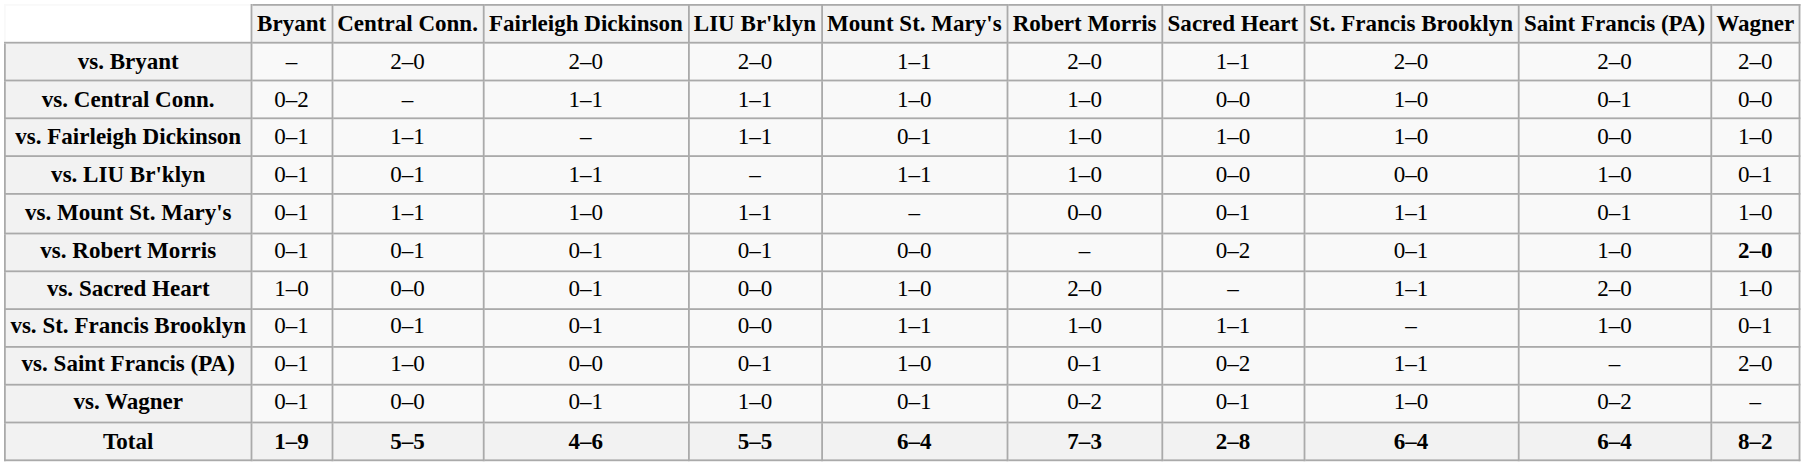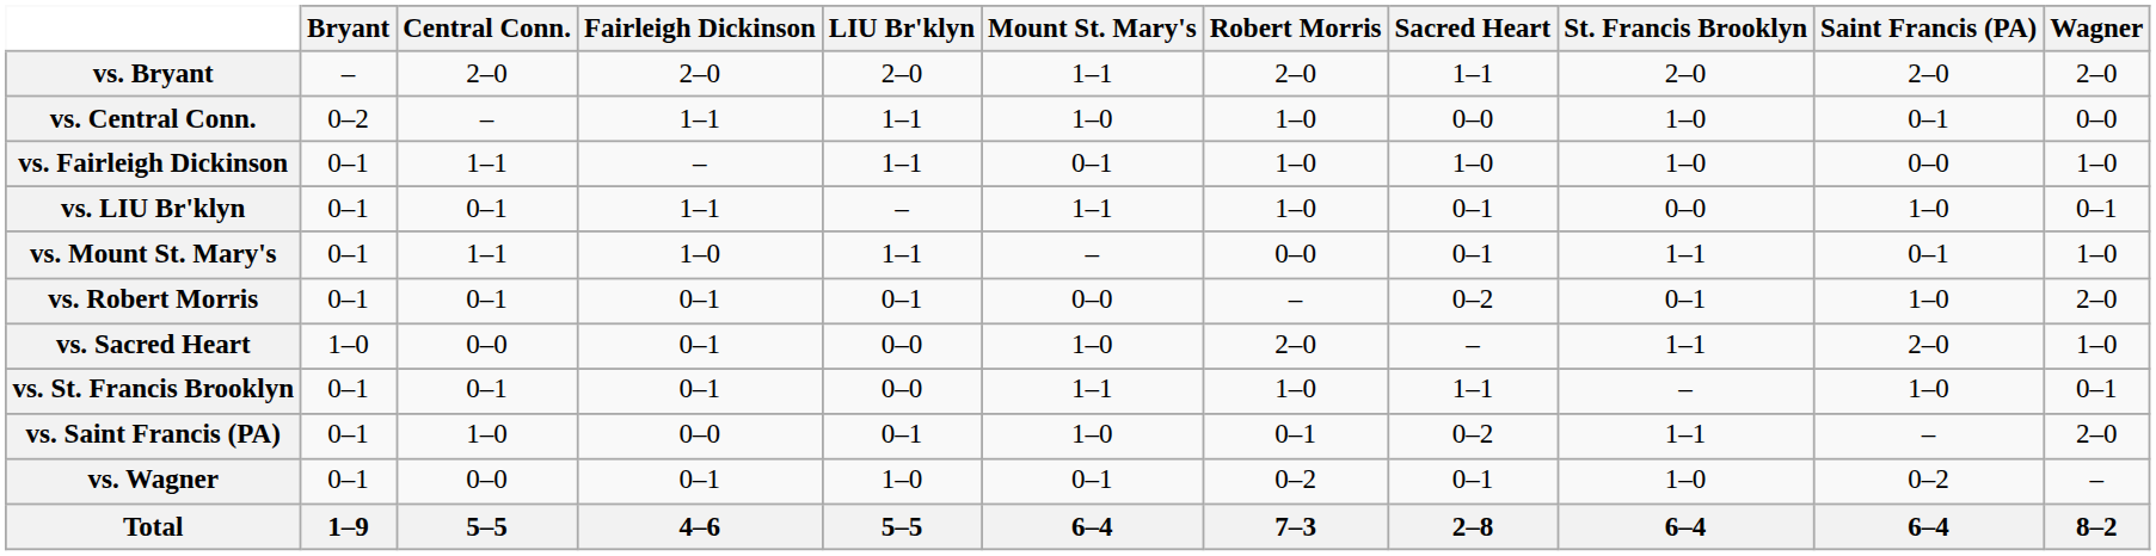 <table class="wikitable" style="white-space:nowrap;font-size:80%;">
 <tr>
 <th colspan=1 style="background:white; border-top-style:hidden; border-left-style:hidden;"   width=75> </th>
 <th>Bryant</th>
 <th>Central Conn.</th>
 <th>Fairleigh Dickinson</th>
 <th>LIU Br'klyn</th>
 <th>Mount St. Mary's</th>
 <th>Robert Morris</th>
 <th>Sacred Heart</th>
 <th>St. Francis Brooklyn</th>
 <th>Saint Francis (PA)</th>
 <th>Wagner</th>
 </tr>
 <tr style="text-align:center;">
 <th>vs. Bryant</th>
 <td>–</td>
 <td>2–0</td>
 <td>2–0</td>
 <td>2–0</td>
 <td>1–1</td>
 <td>2–0</td>
 <td>1–1</td>
 <td>2–0</td>
 <td>2–0</td>
 <td>2–0</td>
 </tr>
 <tr style="text-align:center;">
 <th>vs. Central Conn.</th>
 <td>0–2</td>
 <td>–</td>
 <td>1–1</td>
 <td>1–1</td>
 <td>1–0</td>
 <td>1–0</td>
 <td>0–0</td>
 <td>1–0</td>
 <td>0–1</td>
 <td>0–0</td>
 </tr>
 <tr style="text-align:center;">
 <th>vs. Fairleigh Dickinson</th>
 <td>0–1</td>
 <td>1–1</td>
 <td>–</td>
 <td>1–1</td>
 <td>0–1</td>
 <td>1–0</td>
 <td>1–0</td>
 <td>1–0</td>
 <td>0–0</td>
 <td>1–0</td>
 </tr>
 <tr style="text-align:center;">
 <th>vs. LIU Br'klyn</th>
 <td>0–1</td>
 <td>0–1</td>
 <td>1–1</td>
 <td>–</td>
 <td>1–1</td>
 <td>1–0</td>
-<td>0–0</td>
+<td>0–1</td>
 <td>0–0</td>
 <td>1–0</td>
 <td>0–1</td>
 </tr>
 <tr style="text-align:center;">
 <th>vs. Mount St. Mary's</th>
 <td>0–1</td>
 <td>1–1</td>
 <td>1–0</td>
 <td>1–1</td>
 <td>–</td>
 <td>0–0</td>
 <td>0–1</td>
 <td>1–1</td>
 <td>0–1</td>
 <td>1–0</td>
 </tr>
 <tr style="text-align:center;">
 <th>vs. Robert Morris</th>
 <td>0–1</td>
 <td>0–1</td>
 <td>0–1</td>
 <td>0–1</td>
 <td>0–0</td>
 <td>–</td>
 <td>0–2</td>
 <td>0–1</td>
 <td>1–0</td>
-<td><strong>2–0</strong></td>
+<td>2–0</td>
 </tr>
 <tr style="text-align:center;">
 <th>vs. Sacred Heart</th>
 <td>1–0</td>
 <td>0–0</td>
 <td>0–1</td>
 <td>0–0</td>
 <td>1–0</td>
 <td>2–0</td>
 <td>–</td>
 <td>1–1</td>
 <td>2–0</td>
 <td>1–0</td>
 </tr>
 <tr style="text-align:center;">
 <th>vs. St. Francis Brooklyn</th>
 <td>0–1</td>
 <td>0–1</td>
 <td>0–1</td>
 <td>0–0</td>
 <td>1–1</td>
 <td>1–0</td>
 <td>1–1</td>
 <td>–</td>
 <td>1–0</td>
 <td>0–1</td>
 </tr>
 <tr style="text-align:center;">
 <th>vs. Saint Francis (PA)</th>
 <td>0–1</td>
 <td>1–0</td>
 <td>0–0</td>
 <td>0–1</td>
 <td>1–0</td>
 <td>0–1</td>
 <td>0–2</td>
 <td>1–1</td>
 <td>–</td>
 <td>2–0</td>
 </tr>
 <tr style="text-align:center;">
 <th>vs. Wagner</th>
 <td>0–1</td>
 <td>0–0</td>
 <td>0–1</td>
 <td>1–0</td>
 <td>0–1</td>
 <td>0–2</td>
 <td>0–1</td>
 <td>1–0</td>
 <td>0–2</td>
 <td>–<br></td>
 </tr>
 <tr style="text-align:center;">
 <th>Total</th>
 <th>1–9</th>
 <th>5–5</th>
 <th>4–6</th>
 <th>5–5</th>
 <th>6–4</th>
 <th>7–3</th>
 <th>2–8</th>
 <th>6–4</th>
 <th>6–4</th>
 <th>8–2</th>
 </tr>
 </table>
